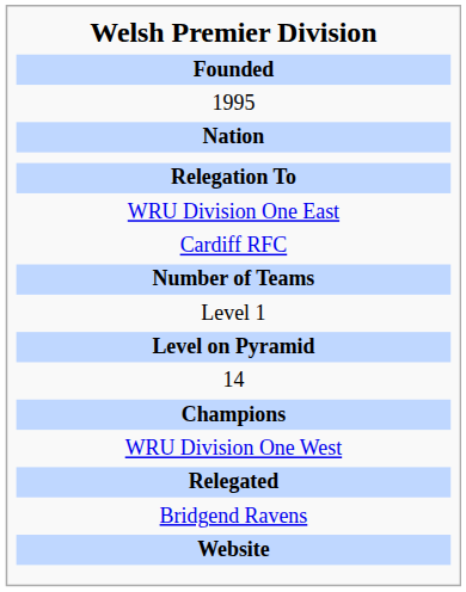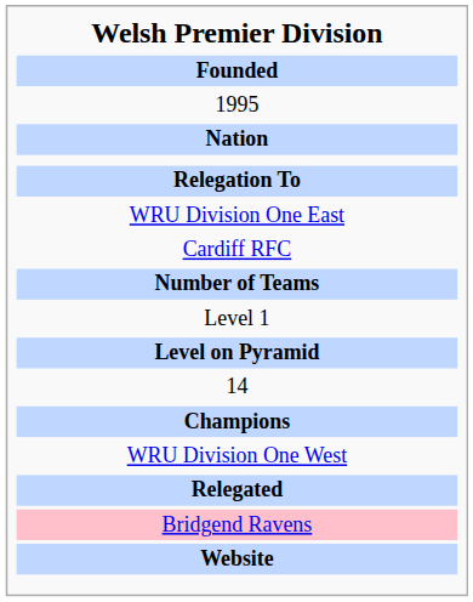 <table class="infobox rugby" style="width: 16em; text-align: center;">
 <tr>
 <th style="font-size: 16px;">Welsh Premier Division</th>
 </tr>
 <tr>
 <td style="font-size: 12px; background: #BFD7FF;"><strong>Founded</strong></td>
 </tr>
 <tr>
 <td style="font-size: 12px;">1995</td>
 </tr>
 <tr>
 <td style="font-size: 12px; background: #BFD7FF;"><strong>Nation</strong></td>
 </tr>
 <tr>
 <td style="font-size: 12px;"></td>
 </tr>
 <tr>
 <td style="font-size: 12px; background: #BFD7FF;"><strong>Relegation To</strong></td>
 </tr>
 <tr>
 <td style="font-size: 12px;"><a href='#'>WRU Division One East</a></td>
 </tr>
 <tr>
 <td style="font-size: 12px;"><a href='#'>Cardiff RFC</a></td>
 </tr>
 <tr>
 <td style="font-size: 12px; background: #BFD7FF;"><strong>Number of Teams</strong></td>
 </tr>
 <tr>
 <td style="font-size: 12px;">Level 1</td>
 </tr>
 <tr>
 <td style="font-size: 12px; background: #BFD7FF;"><strong>Level on Pyramid</strong></td>
 </tr>
 <tr>
 <td style="font-size: 12px;">14</td>
 </tr>
 <tr>
 <td style="font-size: 12px; background: #BFD7FF;"><strong>Champions</strong></td>
 </tr>
 <tr>
 <td style="font-size: 12px;"><a href='#'>WRU Division One West</a></td>
 </tr>
 <tr>
 <td style="font-size: 12px; background: #BFD7FF;"><strong>Relegated</strong></td>
 </tr>
 <tr>
-<td style="font-size: 12px;"><a href='#'>Bridgend Ravens</a></td>
+<td style="background: pink; font-size: 12px;"><a href='#'>Bridgend Ravens</a></td>
 </tr>
 <tr>
 <td style="font-size: 12px; background: #BFD7FF;"><strong>Website</strong></td>
 </tr>
 <tr>
 <td style="font-size: 12px;"></td>
 </tr>
 <tr>
 </tr>
 </table>
